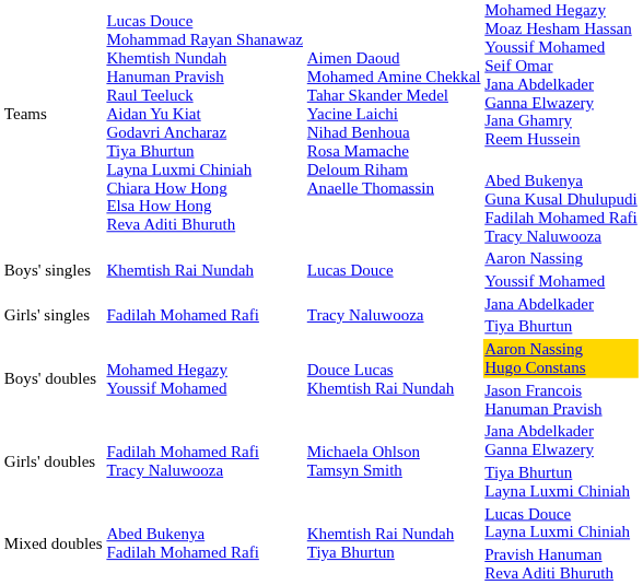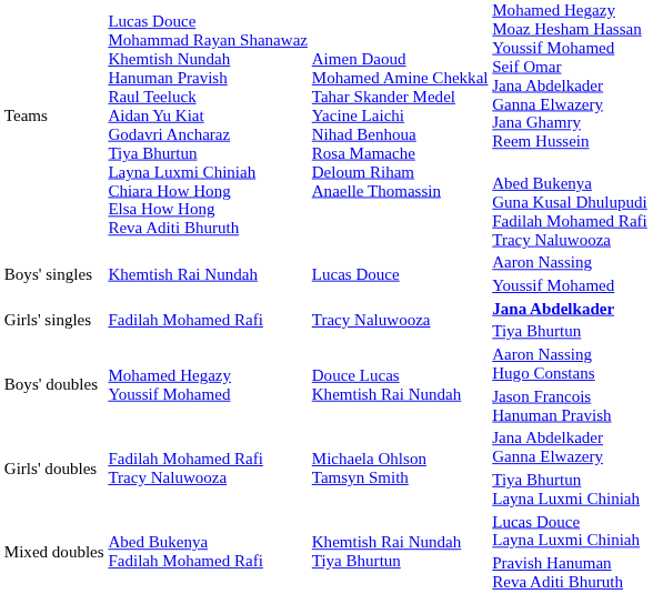 <table>
 <tr>
 <td rowspan=2>Teams</td>
 <td rowspan=2><br><a href='#'>Lucas Douce</a><br><a href='#'>Mohammad Rayan Shanawaz</a><br><a href='#'>Khemtish Nundah</a><br><a href='#'>Hanuman Pravish</a><br><a href='#'>Raul Teeluck</a><br><a href='#'>Aidan Yu Kiat</a><br><a href='#'>Godavri Ancharaz</a><br><a href='#'>Tiya Bhurtun</a><br><a href='#'>Layna Luxmi Chiniah</a><br><a href='#'>Chiara How Hong</a><br><a href='#'>Elsa How Hong</a><br><a href='#'>Reva Aditi Bhuruth</a></td>
 <td rowspan=2><br><a href='#'>Aimen Daoud</a><br><a href='#'>Mohamed Amine Chekkal</a><br><a href='#'>Tahar Skander Medel</a><br><a href='#'>Yacine Laichi</a><br><a href='#'>Nihad Benhoua</a><br><a href='#'>Rosa Mamache</a><br><a href='#'>Deloum Riham</a><br><a href='#'>Anaelle Thomassin</a></td>
 <td><br><a href='#'>Mohamed Hegazy</a><br><a href='#'>Moaz Hesham Hassan</a><br><a href='#'>Youssif Mohamed</a><br><a href='#'>Seif Omar</a><br><a href='#'>Jana Abdelkader</a><br><a href='#'>Ganna Elwazery</a><br><a href='#'>Jana Ghamry</a><br><a href='#'>Reem Hussein</a></td>
 </tr>
 <tr>
 <td><br><a href='#'>Abed Bukenya</a><br><a href='#'>Guna Kusal Dhulupudi</a><br><a href='#'>Fadilah Mohamed Rafi</a><br><a href='#'>Tracy Naluwooza</a></td>
 </tr>
 <tr>
 <td rowspan=2>Boys' singles</td>
 <td rowspan=2> <a href='#'>Khemtish Rai Nundah</a></td>
 <td rowspan=2> <a href='#'>Lucas Douce</a></td>
 <td> <a href='#'>Aaron Nassing</a></td>
 </tr>
 <tr>
 <td> <a href='#'>Youssif Mohamed</a></td>
 </tr>
 <tr>
 <td rowspan=2>Girls' singles</td>
 <td rowspan=2> <a href='#'>Fadilah Mohamed Rafi</a></td>
 <td rowspan=2> <a href='#'>Tracy Naluwooza</a></td>
-<td> <a href='#'>Jana Abdelkader</a></td>
+<td><strong> <a href='#'>Jana Abdelkader</a></strong></td>
 </tr>
 <tr>
 <td> <a href='#'>Tiya Bhurtun</a></td>
 </tr>
 <tr>
 <td rowspan=2>Boys' doubles</td>
 <td rowspan=2> <a href='#'>Mohamed Hegazy</a><br> <a href='#'>Youssif Mohamed</a></td>
 <td rowspan=2> <a href='#'>Douce Lucas</a><br> <a href='#'>Khemtish Rai Nundah</a></td>
-<td style="background: gold;"> <a href='#'>Aaron Nassing</a><br> <a href='#'>Hugo Constans</a></td>
+<td> <a href='#'>Aaron Nassing</a><br> <a href='#'>Hugo Constans</a></td>
 </tr>
 <tr>
 <td> <a href='#'>Jason Francois</a><br> <a href='#'>Hanuman Pravish</a></td>
 </tr>
 <tr>
 <td rowspan=2>Girls' doubles</td>
 <td rowspan=2> <a href='#'>Fadilah Mohamed Rafi</a><br> <a href='#'>Tracy Naluwooza</a></td>
 <td rowspan=2> <a href='#'>Michaela Ohlson</a><br> <a href='#'>Tamsyn Smith</a></td>
 <td> <a href='#'>Jana Abdelkader</a><br> <a href='#'>Ganna Elwazery</a></td>
 </tr>
 <tr>
 <td> <a href='#'>Tiya Bhurtun</a><br> <a href='#'>Layna Luxmi Chiniah</a></td>
 </tr>
 <tr>
 <td rowspan=2>Mixed doubles</td>
 <td rowspan=2> <a href='#'>Abed Bukenya</a><br> <a href='#'>Fadilah Mohamed Rafi</a></td>
 <td rowspan=2> <a href='#'>Khemtish Rai Nundah</a><br> <a href='#'>Tiya Bhurtun</a></td>
 <td> <a href='#'>Lucas Douce</a><br> <a href='#'>Layna Luxmi Chiniah</a></td>
 </tr>
 <tr>
 <td> <a href='#'>Pravish Hanuman</a><br> <a href='#'>Reva Aditi Bhuruth</a></td>
 </tr>
 </table>
